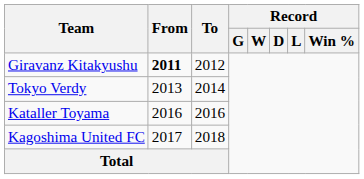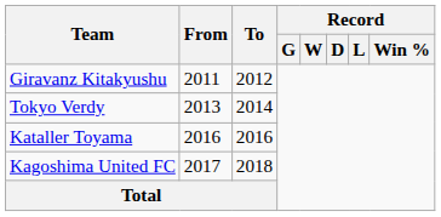 <table class="wikitable" style="text-align: center">
 <tr>
 <th rowspan="2">Team</th>
 <th rowspan="2">From</th>
 <th rowspan="2">To</th>
 <th colspan="5">Record</th>
 </tr>
 <tr>
 <th>G</th>
 <th>W</th>
 <th>D</th>
 <th>L</th>
 <th>Win %</th>
 </tr>
 <tr>
 <td align="left"><a href='#'>Giravanz Kitakyushu</a></td>
-<td align="left"><strong>2011</strong></td>
+<td align="left">2011</td>
 <td align="left">2012<br></td>
 </tr>
 <tr>
 <td align="left"><a href='#'>Tokyo Verdy</a></td>
 <td align="left">2013</td>
 <td align="left">2014<br></td>
 </tr>
 <tr>
 <td align="left"><a href='#'>Kataller Toyama</a></td>
 <td align="left">2016</td>
 <td align="left">2016<br></td>
 </tr>
 <tr>
 <td align="left"><a href='#'>Kagoshima United FC</a></td>
 <td align="left">2017</td>
 <td align="left">2018<br></td>
 </tr>
 <tr>
 <th colspan="3">Total<br></th>
 </tr>
 </table>
